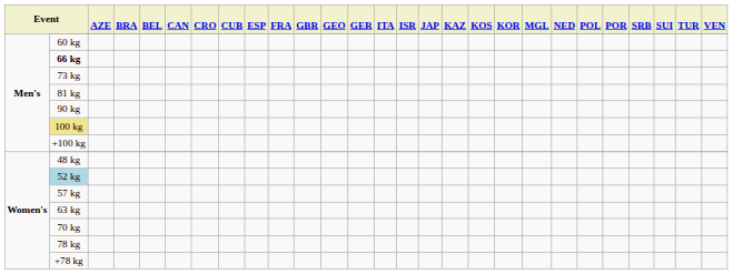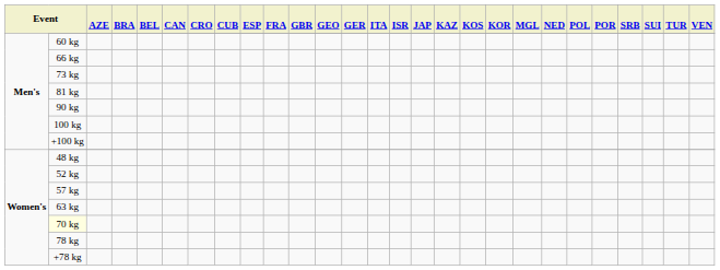 <table class="wikitable" style="margin-top:0em; text-align:center; font-size:89%;">
 <tr>
 <th colspan="2" style="background-color:#f2f2ce; width:15.0em;">Event</th>
 <th style="background-color:#f2f2ce; width:4.5em;"><br><a href='#'>AZE</a></th>
 <th style="background-color:#f2f2ce; width:4.5em;"><br><a href='#'>BRA</a></th>
 <th style="background-color:#f2f2ce; width:4.5em;"><br><a href='#'>BEL</a></th>
 <th style="background-color:#f2f2ce; width:4.5em;"><br><a href='#'>CAN</a></th>
 <th style="background-color:#f2f2ce; width:4.5em;"><br><a href='#'>CRO</a></th>
 <th style="background-color:#f2f2ce; width:4.5em;"><br><a href='#'>CUB</a></th>
 <th style="background-color:#f2f2ce; width:4.5em;"><br><a href='#'>ESP</a></th>
 <th style="background-color:#f2f2ce; width:4.5em;"><br><a href='#'>FRA</a></th>
 <th style="background-color:#f2f2ce; width:4.5em;"><br><a href='#'>GBR</a></th>
 <th style="background-color:#f2f2ce; width:4.5em;"><br><a href='#'>GEO</a></th>
 <th style="background-color:#f2f2ce; width:4.5em;"><br><a href='#'>GER</a></th>
 <th style="background-color:#f2f2ce; width:4.5em;"><br><a href='#'>ITA</a></th>
 <th style="background-color:#f2f2ce; width:4.5em;"><br><a href='#'>ISR</a></th>
 <th style="background-color:#f2f2ce; width:4.5em;"><br><a href='#'>JAP</a></th>
 <th style="background-color:#f2f2ce; width:4.5em;"><br><a href='#'>KAZ</a></th>
 <th style="background-color:#f2f2ce; width:4.5em;"><br><a href='#'>KOS</a></th>
 <th style="background-color:#f2f2ce; width:4.5em;"><br><a href='#'>KOR</a></th>
 <th style="background-color:#f2f2ce; width:4.5em;"><br><a href='#'>MGL</a></th>
 <th style="background-color:#f2f2ce; width:4.5em;"><br><a href='#'>NED</a></th>
 <th style="background-color:#f2f2ce; width:4.5em;"><br><a href='#'>POL</a></th>
 <th style="background-color:#f2f2ce; width:4.5em;"><br><a href='#'>POR</a></th>
 <th style="background-color:#f2f2ce; width:4.5em;"><br><a href='#'>SRB</a></th>
 <th style="background-color:#f2f2ce; width:4.5em;"><br><a href='#'>SUI</a></th>
 <th style="background-color:#f2f2ce; width:4.5em;"><br><a href='#'>TUR</a></th>
 <th style="background-color:#f2f2ce; width:4.5em;"><br><a href='#'>VEN</a></th>
 </tr>
 <tr>
 <td rowspan="8"><strong>Men's</strong></td>
 </tr>
 <tr>
 <td>60 kg</td>
 <td></td>
 <td></td>
 <td></td>
 <td></td>
 <td></td>
 <td></td>
 <td></td>
 <td></td>
 <td></td>
 <td></td>
 <td></td>
 <td></td>
 <td></td>
 <td></td>
 <td></td>
 <td></td>
 <td></td>
 <td></td>
 <td></td>
 <td></td>
 <td></td>
 <td></td>
 <td></td>
 <td></td>
 <td></td>
 </tr>
 <tr>
-<td><strong>66 kg</strong></td>
+<td>66 kg</td>
 <td></td>
 <td></td>
 <td></td>
 <td></td>
 <td></td>
 <td></td>
 <td></td>
 <td></td>
 <td></td>
 <td></td>
 <td></td>
 <td></td>
 <td></td>
 <td></td>
 <td></td>
 <td></td>
 <td></td>
 <td></td>
 <td></td>
 <td></td>
 <td></td>
 <td></td>
 <td></td>
 <td></td>
 <td></td>
 </tr>
 <tr>
 <td>73 kg</td>
 <td></td>
 <td></td>
 <td></td>
 <td></td>
 <td></td>
 <td></td>
 <td></td>
 <td></td>
 <td></td>
 <td></td>
 <td></td>
 <td></td>
 <td></td>
 <td></td>
 <td></td>
 <td></td>
 <td></td>
 <td></td>
 <td></td>
 <td></td>
 <td></td>
 <td></td>
 <td></td>
 <td></td>
 <td></td>
 </tr>
 <tr>
 <td>81 kg</td>
 <td></td>
 <td></td>
 <td></td>
 <td></td>
 <td></td>
 <td></td>
 <td></td>
 <td></td>
 <td></td>
 <td></td>
 <td></td>
 <td></td>
 <td></td>
 <td></td>
 <td></td>
 <td></td>
 <td></td>
 <td></td>
 <td></td>
 <td></td>
 <td></td>
 <td></td>
 <td></td>
 <td></td>
 <td></td>
 </tr>
 <tr>
 <td>90 kg</td>
 <td></td>
 <td></td>
 <td></td>
 <td></td>
 <td></td>
 <td></td>
 <td></td>
 <td></td>
 <td></td>
 <td></td>
 <td></td>
 <td></td>
 <td></td>
 <td></td>
 <td></td>
 <td></td>
 <td></td>
 <td></td>
 <td></td>
 <td></td>
 <td></td>
 <td></td>
 <td></td>
 <td></td>
 <td></td>
 </tr>
 <tr>
-<td style="background: khaki;">100 kg</td>
+<td>100 kg</td>
 <td></td>
 <td></td>
 <td></td>
 <td></td>
 <td></td>
 <td></td>
 <td></td>
 <td></td>
 <td></td>
 <td></td>
 <td></td>
 <td></td>
 <td></td>
 <td></td>
 <td></td>
 <td></td>
 <td></td>
 <td></td>
 <td></td>
 <td></td>
 <td></td>
 <td></td>
 <td></td>
 <td></td>
 <td></td>
 </tr>
 <tr>
 <td>+100 kg</td>
 <td></td>
 <td></td>
 <td></td>
 <td></td>
 <td></td>
 <td></td>
 <td></td>
 <td></td>
 <td></td>
 <td></td>
 <td></td>
 <td></td>
 <td></td>
 <td></td>
 <td></td>
 <td></td>
 <td></td>
 <td></td>
 <td></td>
 <td></td>
 <td></td>
 <td></td>
 <td></td>
 <td></td>
 <td></td>
 </tr>
 <tr>
 <td rowspan="8"><strong>Women's</strong></td>
 </tr>
 <tr>
 <td>48 kg</td>
 <td></td>
 <td></td>
 <td></td>
 <td></td>
 <td></td>
 <td></td>
 <td></td>
 <td></td>
 <td></td>
 <td></td>
 <td></td>
 <td></td>
 <td></td>
 <td></td>
 <td></td>
 <td></td>
 <td></td>
 <td></td>
 <td></td>
 <td></td>
 <td></td>
 <td></td>
 <td></td>
 <td></td>
 <td></td>
 </tr>
 <tr>
-<td style="background: lightblue;">52 kg</td>
+<td>52 kg</td>
 <td></td>
 <td></td>
 <td></td>
 <td></td>
 <td></td>
 <td></td>
 <td></td>
 <td></td>
 <td></td>
 <td></td>
 <td></td>
 <td></td>
 <td></td>
 <td></td>
 <td></td>
 <td></td>
 <td></td>
 <td></td>
 <td></td>
 <td></td>
 <td></td>
 <td></td>
 <td></td>
 <td></td>
 <td></td>
 </tr>
 <tr>
 <td>57 kg</td>
 <td></td>
 <td></td>
 <td></td>
 <td></td>
 <td></td>
 <td></td>
 <td></td>
 <td></td>
 <td></td>
 <td></td>
 <td></td>
 <td></td>
 <td></td>
 <td></td>
 <td></td>
 <td></td>
 <td></td>
 <td></td>
 <td></td>
 <td></td>
 <td></td>
 <td></td>
 <td></td>
 <td></td>
 <td></td>
 </tr>
 <tr>
 <td>63 kg</td>
 <td></td>
 <td></td>
 <td></td>
 <td></td>
 <td></td>
 <td></td>
 <td></td>
 <td></td>
 <td></td>
 <td></td>
 <td></td>
 <td></td>
 <td></td>
 <td></td>
 <td></td>
 <td></td>
 <td></td>
 <td></td>
 <td></td>
 <td></td>
 <td></td>
 <td></td>
 <td></td>
 <td></td>
 <td></td>
 </tr>
 <tr>
-<td>70 kg</td>
+<td style="background: lightyellow;">70 kg</td>
 <td></td>
 <td></td>
 <td></td>
 <td></td>
 <td></td>
 <td></td>
 <td></td>
 <td></td>
 <td></td>
 <td></td>
 <td></td>
 <td></td>
 <td></td>
 <td></td>
 <td></td>
 <td></td>
 <td></td>
 <td></td>
 <td></td>
 <td></td>
 <td></td>
 <td></td>
 <td></td>
 <td></td>
 <td></td>
 </tr>
 <tr>
 <td>78 kg</td>
 <td></td>
 <td></td>
 <td></td>
 <td></td>
 <td></td>
 <td></td>
 <td></td>
 <td></td>
 <td></td>
 <td></td>
 <td></td>
 <td></td>
 <td></td>
 <td></td>
 <td></td>
 <td></td>
 <td></td>
 <td></td>
 <td></td>
 <td></td>
 <td></td>
 <td></td>
 <td></td>
 <td></td>
 <td></td>
 </tr>
 <tr>
 <td>+78 kg</td>
 <td></td>
 <td></td>
 <td></td>
 <td></td>
 <td></td>
 <td></td>
 <td></td>
 <td></td>
 <td></td>
 <td></td>
 <td></td>
 <td></td>
 <td></td>
 <td></td>
 <td></td>
 <td></td>
 <td></td>
 <td></td>
 <td></td>
 <td></td>
 <td></td>
 <td></td>
 <td></td>
 <td></td>
 <td></td>
 </tr>
 </table>
